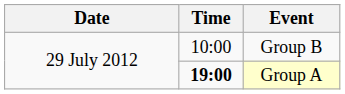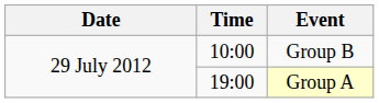 <table class = "wikitable" style="text-align:center;">
 <tr>
 <th width=150>Date</th>
 <th width=50>Time</th>
 <th width=80>Event</th>
 </tr>
 <tr>
 <td rowspan=2>29 July 2012</td>
 <td>10:00</td>
 <td>Group B</td>
 </tr>
 <tr>
-<td><strong>19:00</strong></td>
+<td>19:00</td>
 <td bgcolor=ffffcc>Group A</td>
 </tr>
 </table>
